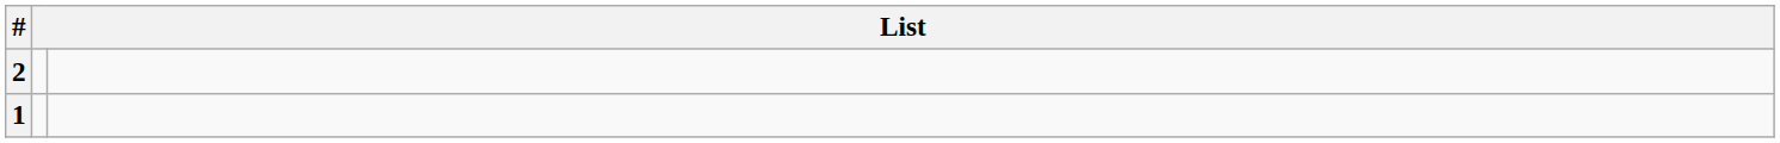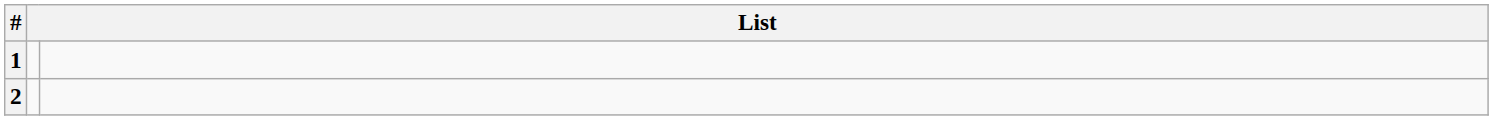 <table class=wikitable>
 <tr>
 <th>#</th>
 <th colspan=2 width=1000>List</th>
 </tr>
 <tr>
+<th>1</th>
+<td width="1" style="color:inherit;background:"></td>
+<td><br>    </td>
+</tr>
+<tr>
 <th>2</th>
 <td width="1"></td>
 <td><br>    </td>
 </tr>
-<tr>
-<th>1</th>
-<td width="1" style="color:inherit;background:"></td>
-<td><br>    </td>
-</tr>
 </table>
